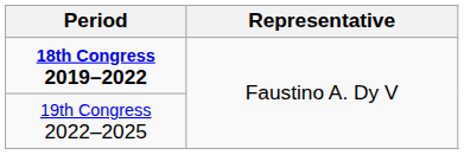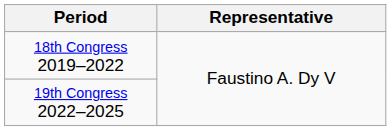 <table class="wikitable" style="text-align:center; width:40%;">
 <tr>
 <th width="40%">Period</th>
 <th>Representative</th>
 </tr>
 <tr>
-<td><strong><small><a href='#'>18th Congress</a></small><br>2019–2022</strong></td>
+<td><small><a href='#'>18th Congress</a></small><br>2019–2022</td>
 <td rowspan="2">Faustino A. Dy V</td>
 </tr>
 <tr>
 <td><small><a href='#'>19th Congress</a></small><br>2022–2025</td>
 </tr>
 </table>
